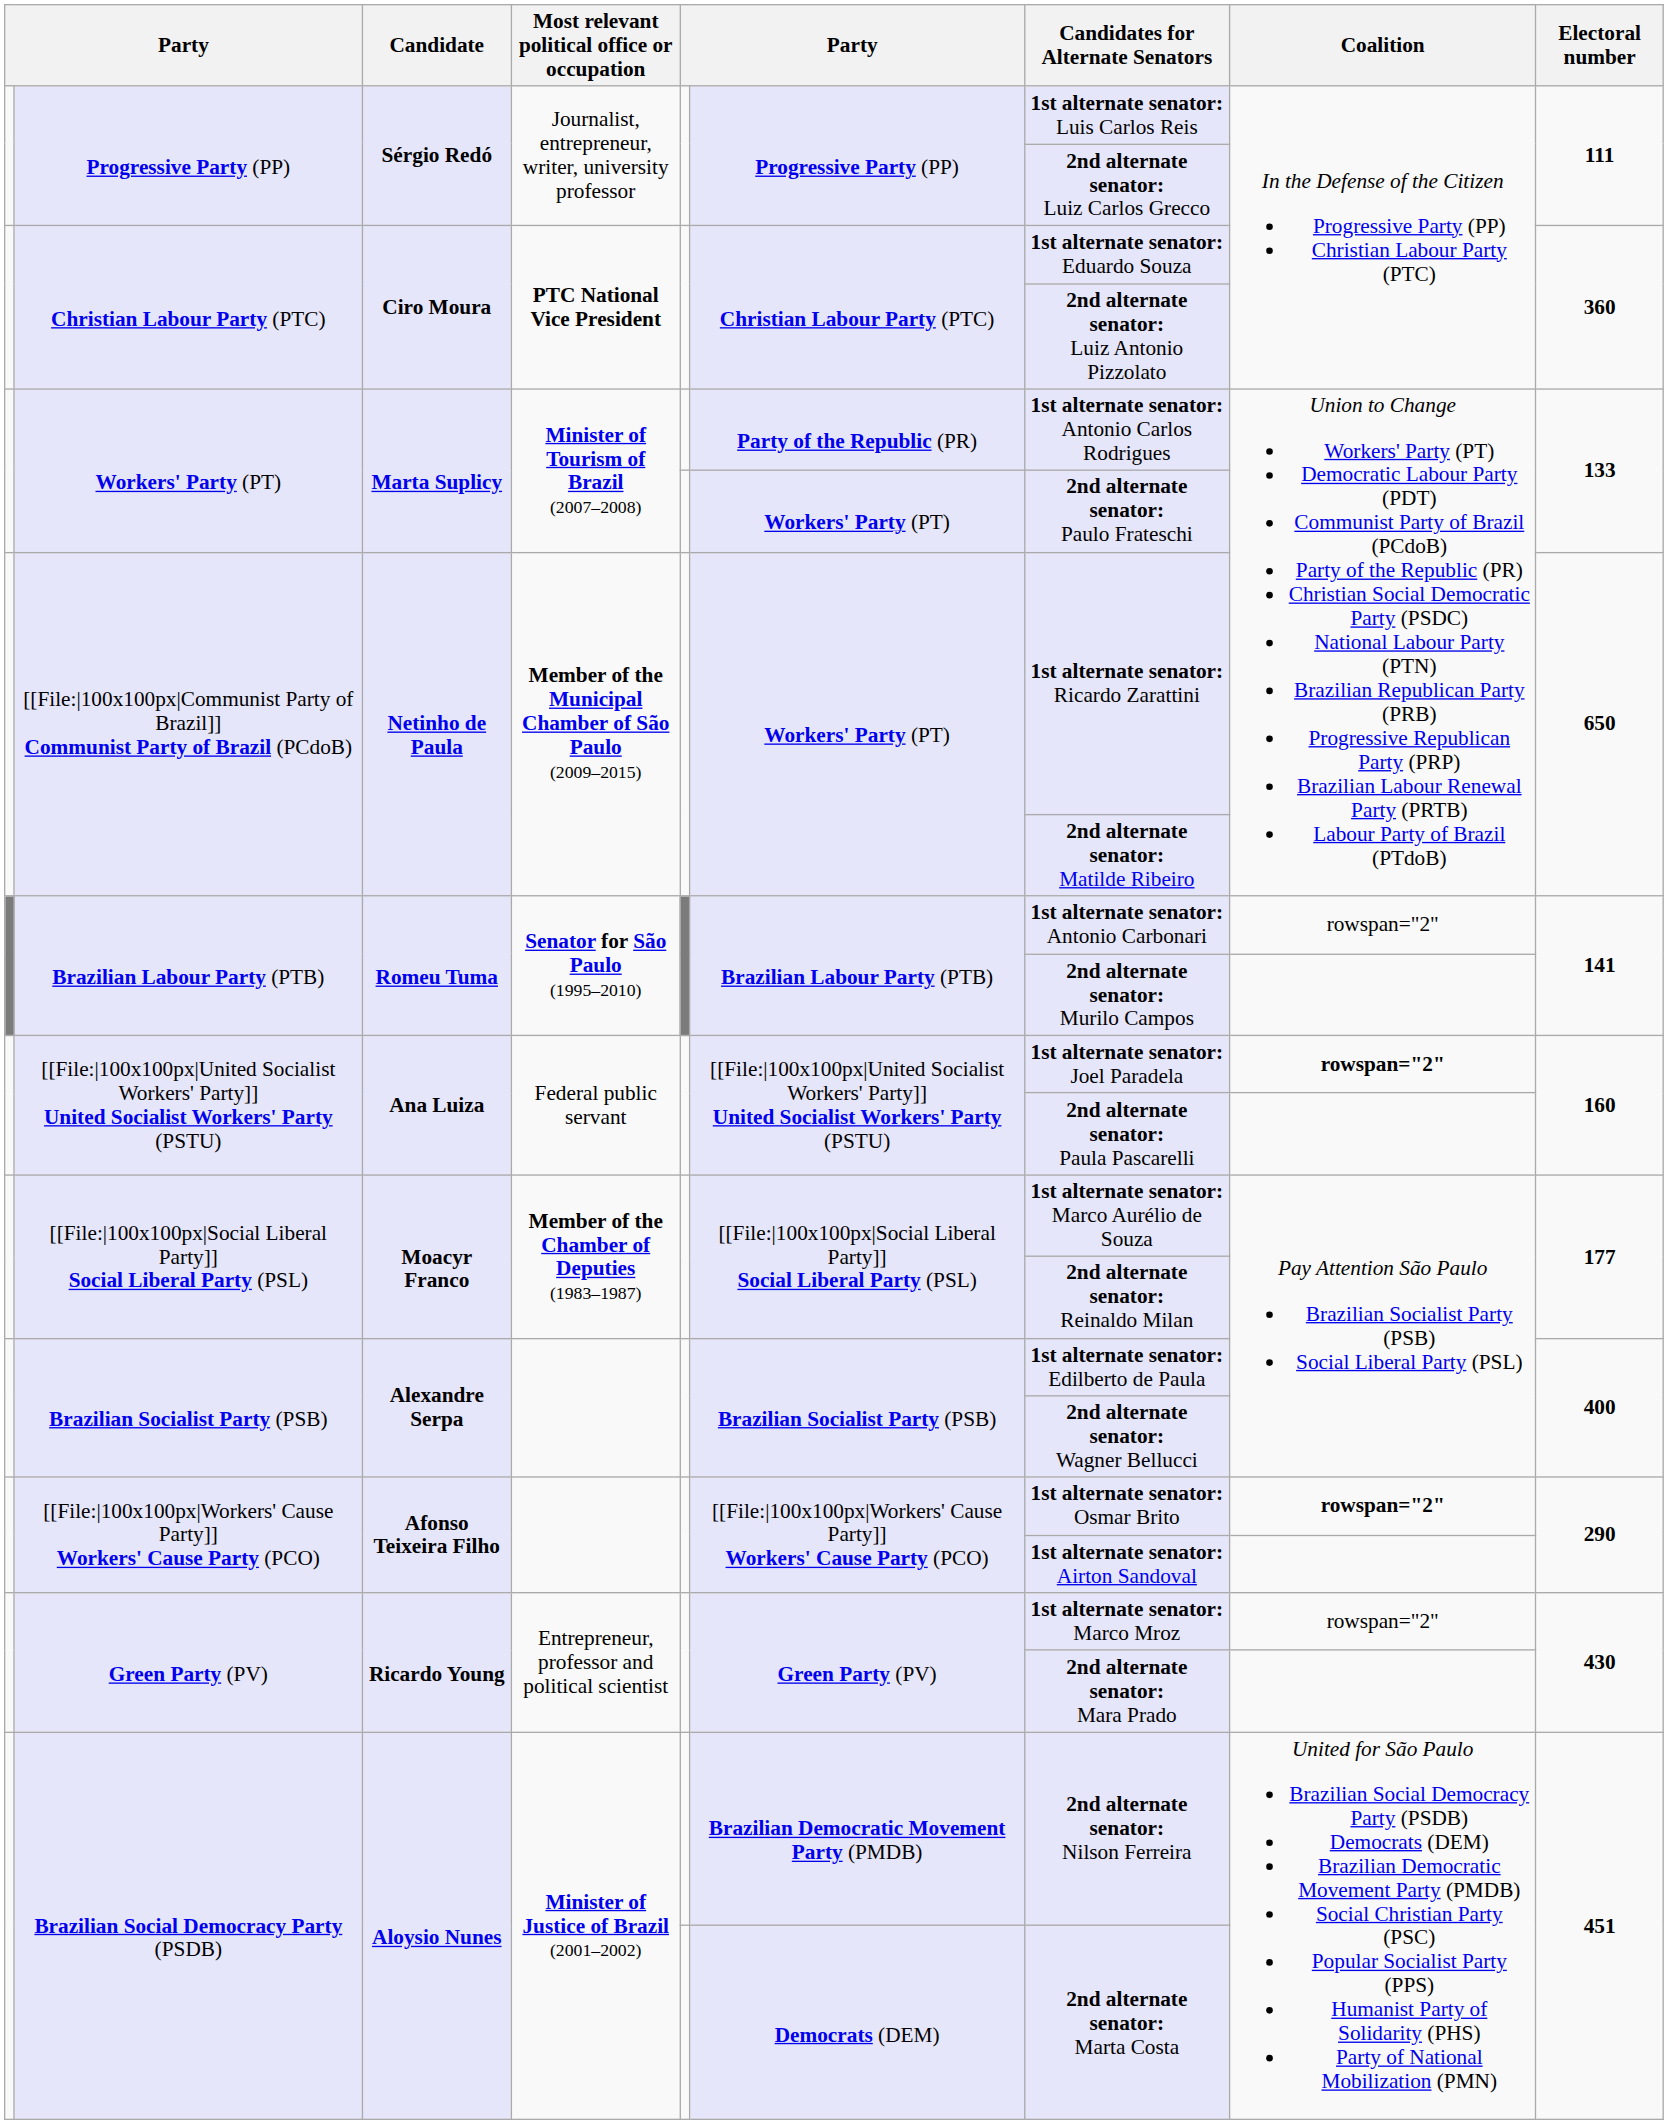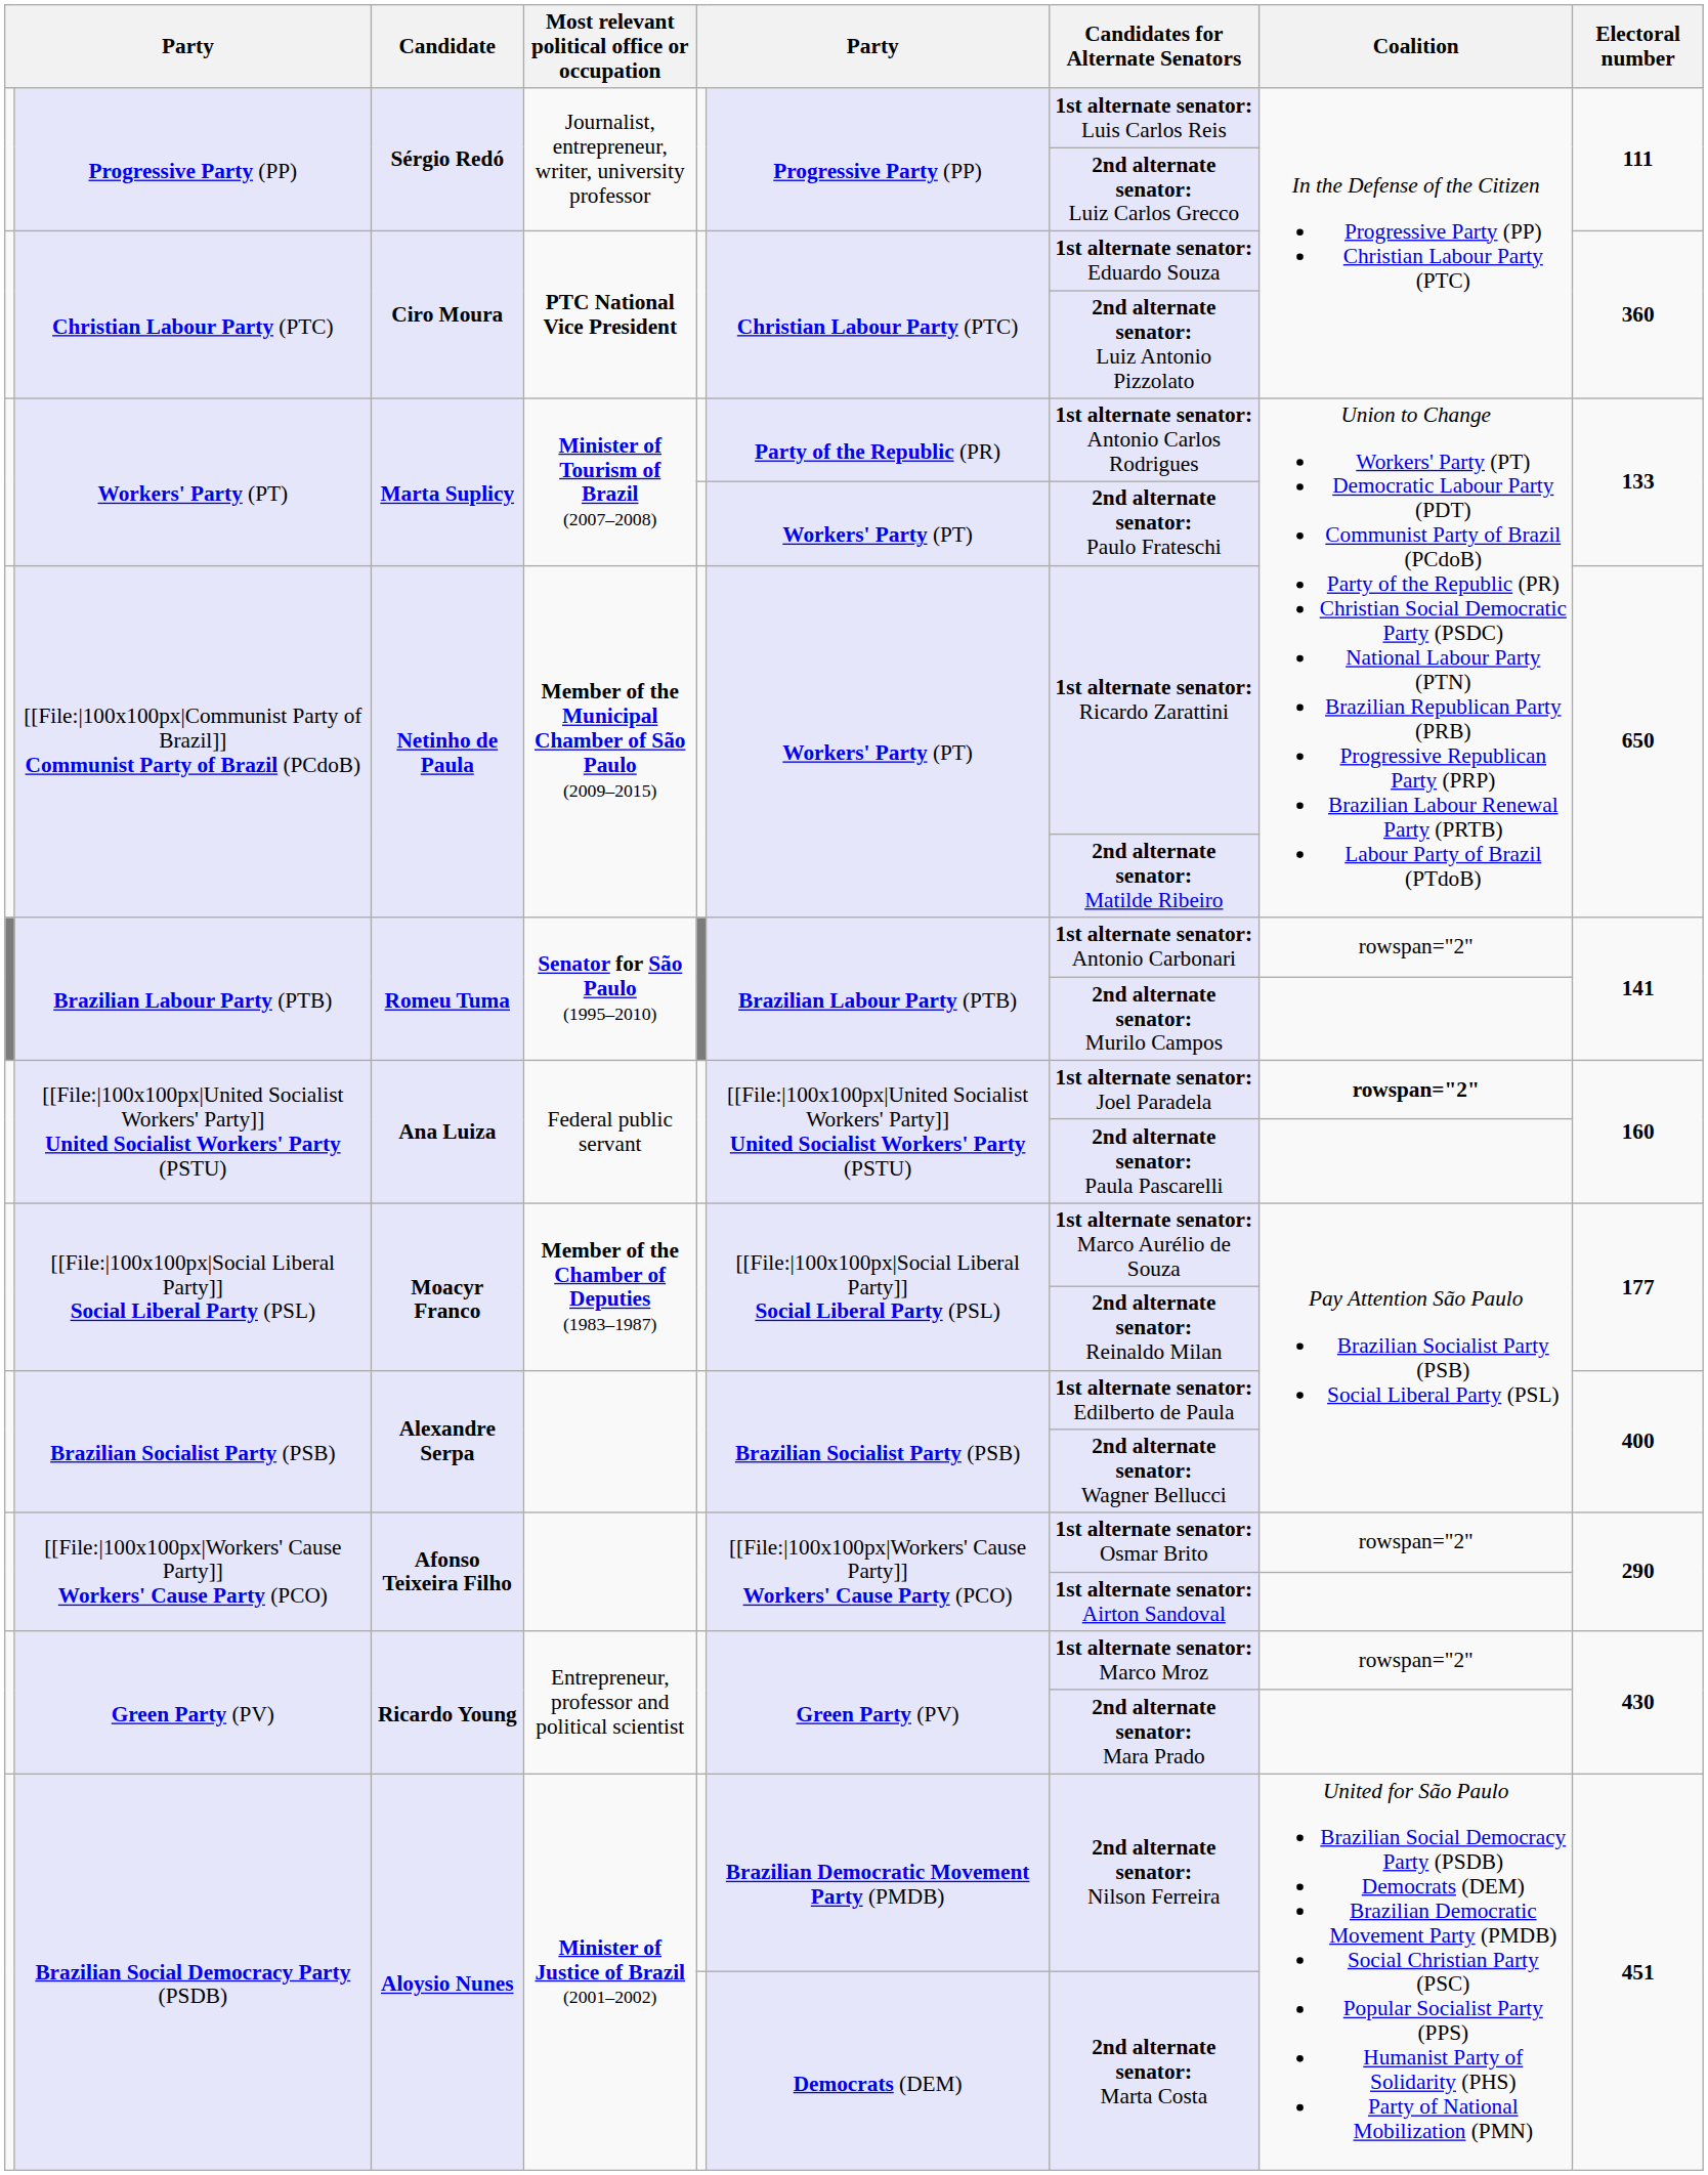 <table class="wikitable" style="text-align:center">
 <tr>
 <th colspan="2">Party</th>
 <th>Candidate</th>
 <th style="max-width:10em">Most relevant political office or occupation</th>
 <th colspan="2">Party</th>
 <th>Candidates for Alternate Senators</th>
 <th>Coalition</th>
 <th>Electoral number</th>
 </tr>
 <tr>
 <td rowspan="2" style="background:"></td>
 <td rowspan="2" style="background:lavender;" max-width:150px><br><strong><a href='#'>Progressive Party</a></strong> (PP)</td>
 <td rowspan="2" style="background:lavender;" max-width:150px><strong>Sérgio Redó</strong></td>
 <td rowspan="2" style="max-width:10em">Journalist, entrepreneur, writer, university professor</td>
 <td rowspan="2" style="background:"></td>
 <td rowspan="2" style="background:lavender;" max-width:150px><br><strong><a href='#'>Progressive Party</a></strong> (PP)</td>
 <td style="background:lavender;"><strong>1st alternate senator:</strong><br>Luis Carlos Reis</td>
 <td rowspan="4"><em>In the Defense of the Citizen</em><br><ul><li><a href='#'>Progressive Party</a> (PP)</li><li><a href='#'>Christian Labour Party</a> (PTC)</li></ul></td>
 <td rowspan="2"><strong>111</strong></td>
 </tr>
 <tr>
 <td style="background:lavender;"><strong>2nd alternate senator:</strong><br>Luiz Carlos Grecco</td>
 </tr>
 <tr>
 <td rowspan="2" style="background:"></td>
 <td rowspan="2" style="background:lavender;" max-width:150px><br><strong><a href='#'>Christian Labour Party</a></strong> (PTC)</td>
 <td rowspan="2" style="background:lavender;" max-width:150px><strong>Ciro Moura</strong></td>
 <td rowspan="2" style="max-width:10em"><strong>PTC National Vice President</strong></td>
 <td rowspan="2" style="background:"></td>
 <td rowspan="2" style="background:lavender;" max-width:150px><br><strong><a href='#'>Christian Labour Party</a></strong> (PTC)</td>
 <td style="background:lavender;"><strong>1st alternate senator:</strong><br>Eduardo Souza</td>
 <td rowspan="2"><strong>360</strong></td>
 </tr>
 <tr>
 <td style="background:lavender;"><strong>2nd alternate senator:</strong><br>Luiz Antonio Pizzolato</td>
 </tr>
 <tr>
 <td rowspan="2" style="background:"></td>
 <td rowspan="2" style="background:lavender;" max-width:150px><br><strong><a href='#'>Workers' Party</a></strong> (PT)</td>
 <td rowspan="2" style="background:lavender;" max-width:150px><br><strong><a href='#'>Marta Suplicy</a></strong></td>
 <td rowspan="2" style="max-width:10em"><strong><a href='#'>Minister of Tourism of Brazil</a></strong><br><small>(2007–2008)</small></td>
 <td style="background:"></td>
 <td style="background:lavender;" max-width:150px><br><strong><a href='#'>Party of the Republic</a></strong> (PR)</td>
 <td style="background:lavender;"><strong>1st alternate senator:</strong><br>Antonio Carlos Rodrigues</td>
 <td rowspan="4"><em>Union to Change</em><br><ul><li><a href='#'>Workers' Party</a> (PT)</li><li><a href='#'>Democratic Labour Party</a> (PDT)</li><li><a href='#'>Communist Party of Brazil</a> (PCdoB)</li><li><a href='#'>Party of the Republic</a> (PR)</li><li><a href='#'>Christian Social Democratic Party</a> (PSDC)</li><li><a href='#'>National Labour Party</a> (PTN)</li><li><a href='#'>Brazilian Republican Party</a> (PRB)</li><li><a href='#'>Progressive Republican Party</a> (PRP)</li><li><a href='#'>Brazilian Labour Renewal Party</a> (PRTB)</li><li><a href='#'>Labour Party of Brazil</a> (PTdoB)</li></ul></td>
 <td rowspan="2"><strong>133</strong></td>
 </tr>
 <tr>
 <td style="background:"></td>
 <td style="background:lavender;" max-width:150px><br><strong><a href='#'>Workers' Party</a></strong> (PT)</td>
 <td style="background:lavender;"><strong>2nd alternate senator:</strong><br>Paulo Frateschi</td>
 </tr>
 <tr>
 <td rowspan="2" style="background:"></td>
 <td rowspan="2" style="background:lavender;" max-width:150px>[[File:|100x100px|Communist Party of Brazil]]<br><strong><a href='#'>Communist Party of Brazil</a></strong> (PCdoB)</td>
 <td rowspan="2" style="background:lavender;" max-width:150px><br><strong><a href='#'>Netinho de Paula</a></strong></td>
 <td rowspan="2" style="max-width:10em"><strong>Member of the <a href='#'>Municipal Chamber of São Paulo</a></strong><br><small>(2009–2015)</small></td>
 <td rowspan="2" style="background:"></td>
 <td rowspan="2" style="background:lavender;" max-width:150px><br><strong><a href='#'>Workers' Party</a></strong> (PT)</td>
 <td style="background:lavender;"><strong>1st alternate senator:</strong><br>Ricardo Zarattini</td>
 <td rowspan="2"><strong>650</strong></td>
 </tr>
 <tr>
 <td style="background:lavender;"><strong>2nd alternate senator:</strong><br><a href='#'>Matilde Ribeiro</a></td>
 </tr>
 <tr>
 <td rowspan="2" style="background:#7B7B7B"></td>
 <td rowspan="2" style="background:lavender;" max-width:150px><br><strong><a href='#'>Brazilian Labour Party</a></strong> (PTB)</td>
 <td rowspan="2" style="background:lavender;" max-width:150px><br><strong><a href='#'>Romeu Tuma</a></strong></td>
 <td rowspan="2" style="max-width:10em"><strong><a href='#'>Senator</a> for <a href='#'>São Paulo</a></strong><br><small>(1995–2010)</small></td>
 <td rowspan="2" style="background:#7B7B7B"></td>
 <td rowspan="2" style="background:lavender;" max-width:150px><br><strong><a href='#'>Brazilian Labour Party</a></strong> (PTB)</td>
 <td style="background:lavender;"><strong>1st alternate senator:</strong><br>Antonio Carbonari</td>
 <td>rowspan="2" </td>
 <td rowspan="2"><strong>141</strong></td>
 </tr>
 <tr>
 <td style="background:lavender;"><strong>2nd alternate senator:</strong><br>Murilo Campos</td>
 </tr>
 <tr>
 <td rowspan="2" style="background:"></td>
 <td rowspan="2" style="background:lavender;" max-width:150px>[[File:|100x100px|United Socialist Workers' Party]]<br><strong><a href='#'>United Socialist Workers' Party</a></strong> (PSTU)</td>
 <td rowspan="2" style="background:lavender;" max-width:150px><strong>Ana Luiza</strong></td>
 <td rowspan="2" style="max-width:10em">Federal public servant</td>
 <td rowspan="2" style="background:"></td>
 <td rowspan="2" style="background:lavender;" max-width:150px>[[File:|100x100px|United Socialist Workers' Party]]<br><strong><a href='#'>United Socialist Workers' Party</a></strong> (PSTU)</td>
 <td style="background:lavender;"><strong>1st alternate senator:</strong><br>Joel Paradela</td>
 <td><strong>rowspan="2" </strong></td>
 <td rowspan="2"><strong>160</strong></td>
 </tr>
 <tr>
 <td style="background:lavender;"><strong>2nd alternate senator:</strong><br>Paula Pascarelli</td>
 </tr>
 <tr>
 <td rowspan="2" style="background:"></td>
 <td rowspan="2" style="background:lavender;" max-width:150px>[[File:|100x100px|Social Liberal Party]]<br><strong><a href='#'>Social Liberal Party</a></strong> (PSL)</td>
 <td rowspan="2" style="background:lavender;" max-width:150px><br><strong>Moacyr Franco</strong></td>
 <td rowspan="2" style="max-width:10em"><strong>Member of the <a href='#'>Chamber of Deputies</a></strong><br><small>(1983–1987)</small></td>
 <td rowspan="2" style="background:"></td>
 <td rowspan="2" style="background:lavender;" max-width:150px>[[File:|100x100px|Social Liberal Party]]<br><strong><a href='#'>Social Liberal Party</a></strong> (PSL)</td>
 <td style="background:lavender;"><strong>1st alternate senator:</strong><br>Marco Aurélio de Souza</td>
 <td rowspan="4"><em>Pay Attention São Paulo</em><br><ul><li><a href='#'>Brazilian Socialist Party</a> (PSB)</li><li><a href='#'>Social Liberal Party</a> (PSL)</li></ul></td>
 <td rowspan="2"><strong>177</strong></td>
 </tr>
 <tr>
 <td style="background:lavender;"><strong>2nd alternate senator:</strong><br>Reinaldo Milan</td>
 </tr>
 <tr>
 <td rowspan="2" style="background:"></td>
 <td rowspan="2" style="background:lavender;" max-width:150px><br><strong><a href='#'>Brazilian Socialist Party</a></strong> (PSB)</td>
 <td rowspan="2" style="background:lavender;" max-width:150px><strong>Alexandre Serpa</strong></td>
 <td rowspan="2" style="max-width:10em"></td>
 <td rowspan="2" style="background:"></td>
 <td rowspan="2" style="background:lavender;" max-width:150px><br><strong><a href='#'>Brazilian Socialist Party</a></strong> (PSB)</td>
 <td style="background:lavender;"><strong>1st alternate senator:</strong><br>Edilberto de Paula</td>
 <td rowspan="2"><strong>400</strong></td>
 </tr>
 <tr>
 <td style="background:lavender;"><strong>2nd alternate senator:</strong><br>Wagner Bellucci</td>
 </tr>
 <tr>
 <td rowspan="2" style="background:"></td>
 <td rowspan="2" style="background:lavender;" max-width:150px>[[File:|100x100px|Workers' Cause Party]]<br><strong><a href='#'>Workers' Cause Party</a></strong> (PCO)</td>
 <td rowspan="2" style="background:lavender;" max-width:150px><strong>Afonso Teixeira Filho</strong></td>
 <td rowspan="2" style="max-width:10em"></td>
 <td rowspan="2" style="background:"></td>
 <td rowspan="2" style="background:lavender;" max-width:150px>[[File:|100x100px|Workers' Cause Party]]<br><strong><a href='#'>Workers' Cause Party</a></strong> (PCO)</td>
 <td style="background:lavender;"><strong>1st alternate senator:</strong><br>Osmar Brito</td>
-<td><strong>rowspan="2" </strong></td>
+<td>rowspan="2" </td>
 <td rowspan="2"><strong>290</strong></td>
 </tr>
 <tr>
 <td style="background:lavender;"><strong>1st alternate senator:</strong><br><a href='#'>Airton Sandoval</a></td>
 </tr>
 <tr>
 <td rowspan="2" style="background:"></td>
 <td rowspan="2" style="background:lavender;" max-width:150px><br><strong><a href='#'>Green Party</a></strong> (PV)</td>
 <td rowspan="2" style="background:lavender;" max-width:150px><br><strong>Ricardo Young</strong></td>
 <td rowspan="2" style="max-width:10em">Entrepreneur, professor and political scientist</td>
 <td rowspan="2" style="background:"></td>
 <td rowspan="2" style="background:lavender;" max-width:150px><br><strong><a href='#'>Green Party</a></strong> (PV)</td>
 <td style="background:lavender;"><strong>1st alternate senator:</strong><br>Marco Mroz</td>
 <td>rowspan="2" </td>
 <td rowspan="2"><strong>430</strong></td>
 </tr>
 <tr>
 <td style="background:lavender;"><strong>2nd alternate senator:</strong><br>Mara Prado</td>
 </tr>
 <tr>
 <td rowspan="2" style="background:"></td>
 <td rowspan="2" style="background:lavender;" max-width:150px><br><strong><a href='#'>Brazilian Social Democracy Party</a></strong> (PSDB)</td>
 <td rowspan="2" style="background:lavender;" max-width:150px><br><strong><a href='#'>Aloysio Nunes</a></strong></td>
 <td rowspan="2" style="max-width:10em"><strong><a href='#'>Minister of Justice of Brazil</a></strong><br><small>(2001–2002)</small></td>
 <td style="background:"></td>
 <td style="background:lavender;" max-width:150px><br><strong><a href='#'>Brazilian Democratic Movement Party</a></strong> (PMDB)</td>
 <td style="background:lavender;"><strong>2nd alternate senator:</strong><br>Nilson Ferreira</td>
 <td rowspan="2"><em>United for São Paulo</em><br><ul><li><a href='#'>Brazilian Social Democracy Party</a> (PSDB)</li><li><a href='#'>Democrats</a> (DEM)</li><li><a href='#'>Brazilian Democratic Movement Party</a> (PMDB)</li><li><a href='#'>Social Christian Party</a> (PSC)</li><li><a href='#'>Popular Socialist Party</a> (PPS)</li><li><a href='#'>Humanist Party of Solidarity</a> (PHS)</li><li><a href='#'>Party of National Mobilization</a> (PMN)</li></ul></td>
 <td rowspan="2"><strong>451</strong></td>
 </tr>
 <tr>
 <td style="background:"></td>
 <td style="background:lavender;" max-width:150px><br><strong><a href='#'>Democrats</a></strong> (DEM)</td>
 <td style="background:lavender;"><strong>2nd alternate senator:</strong><br>Marta Costa</td>
 </tr>
 </table>
